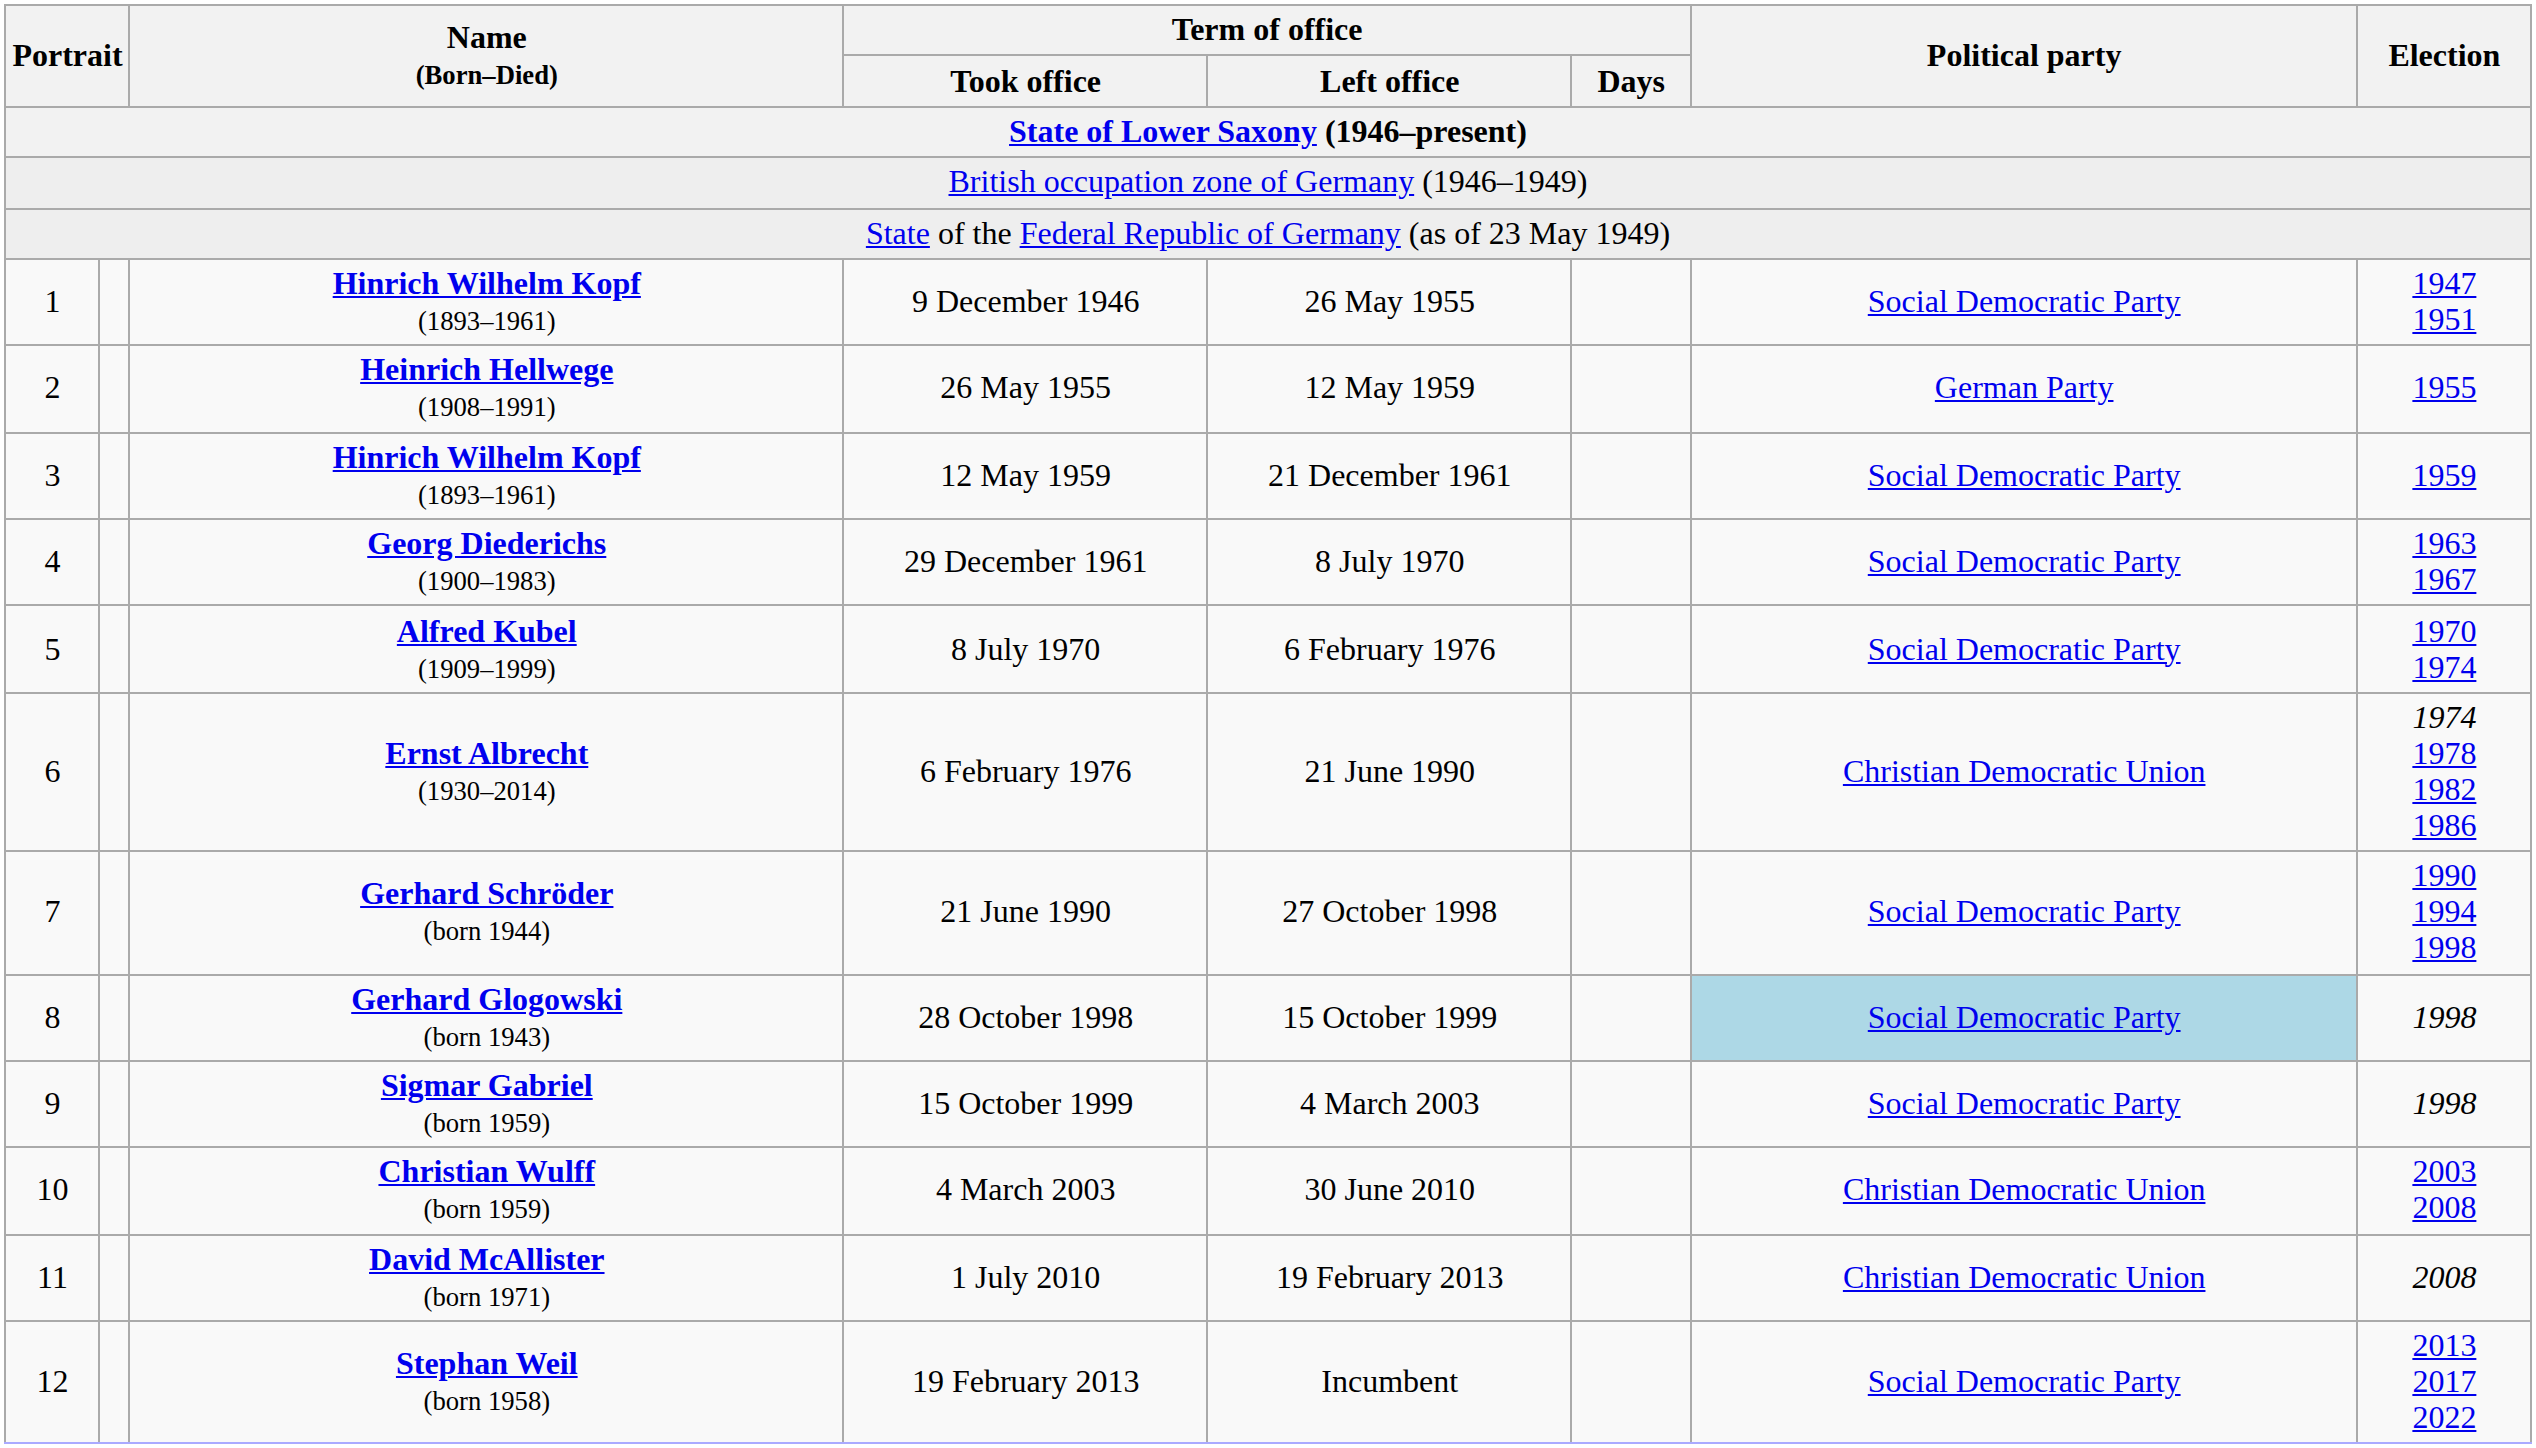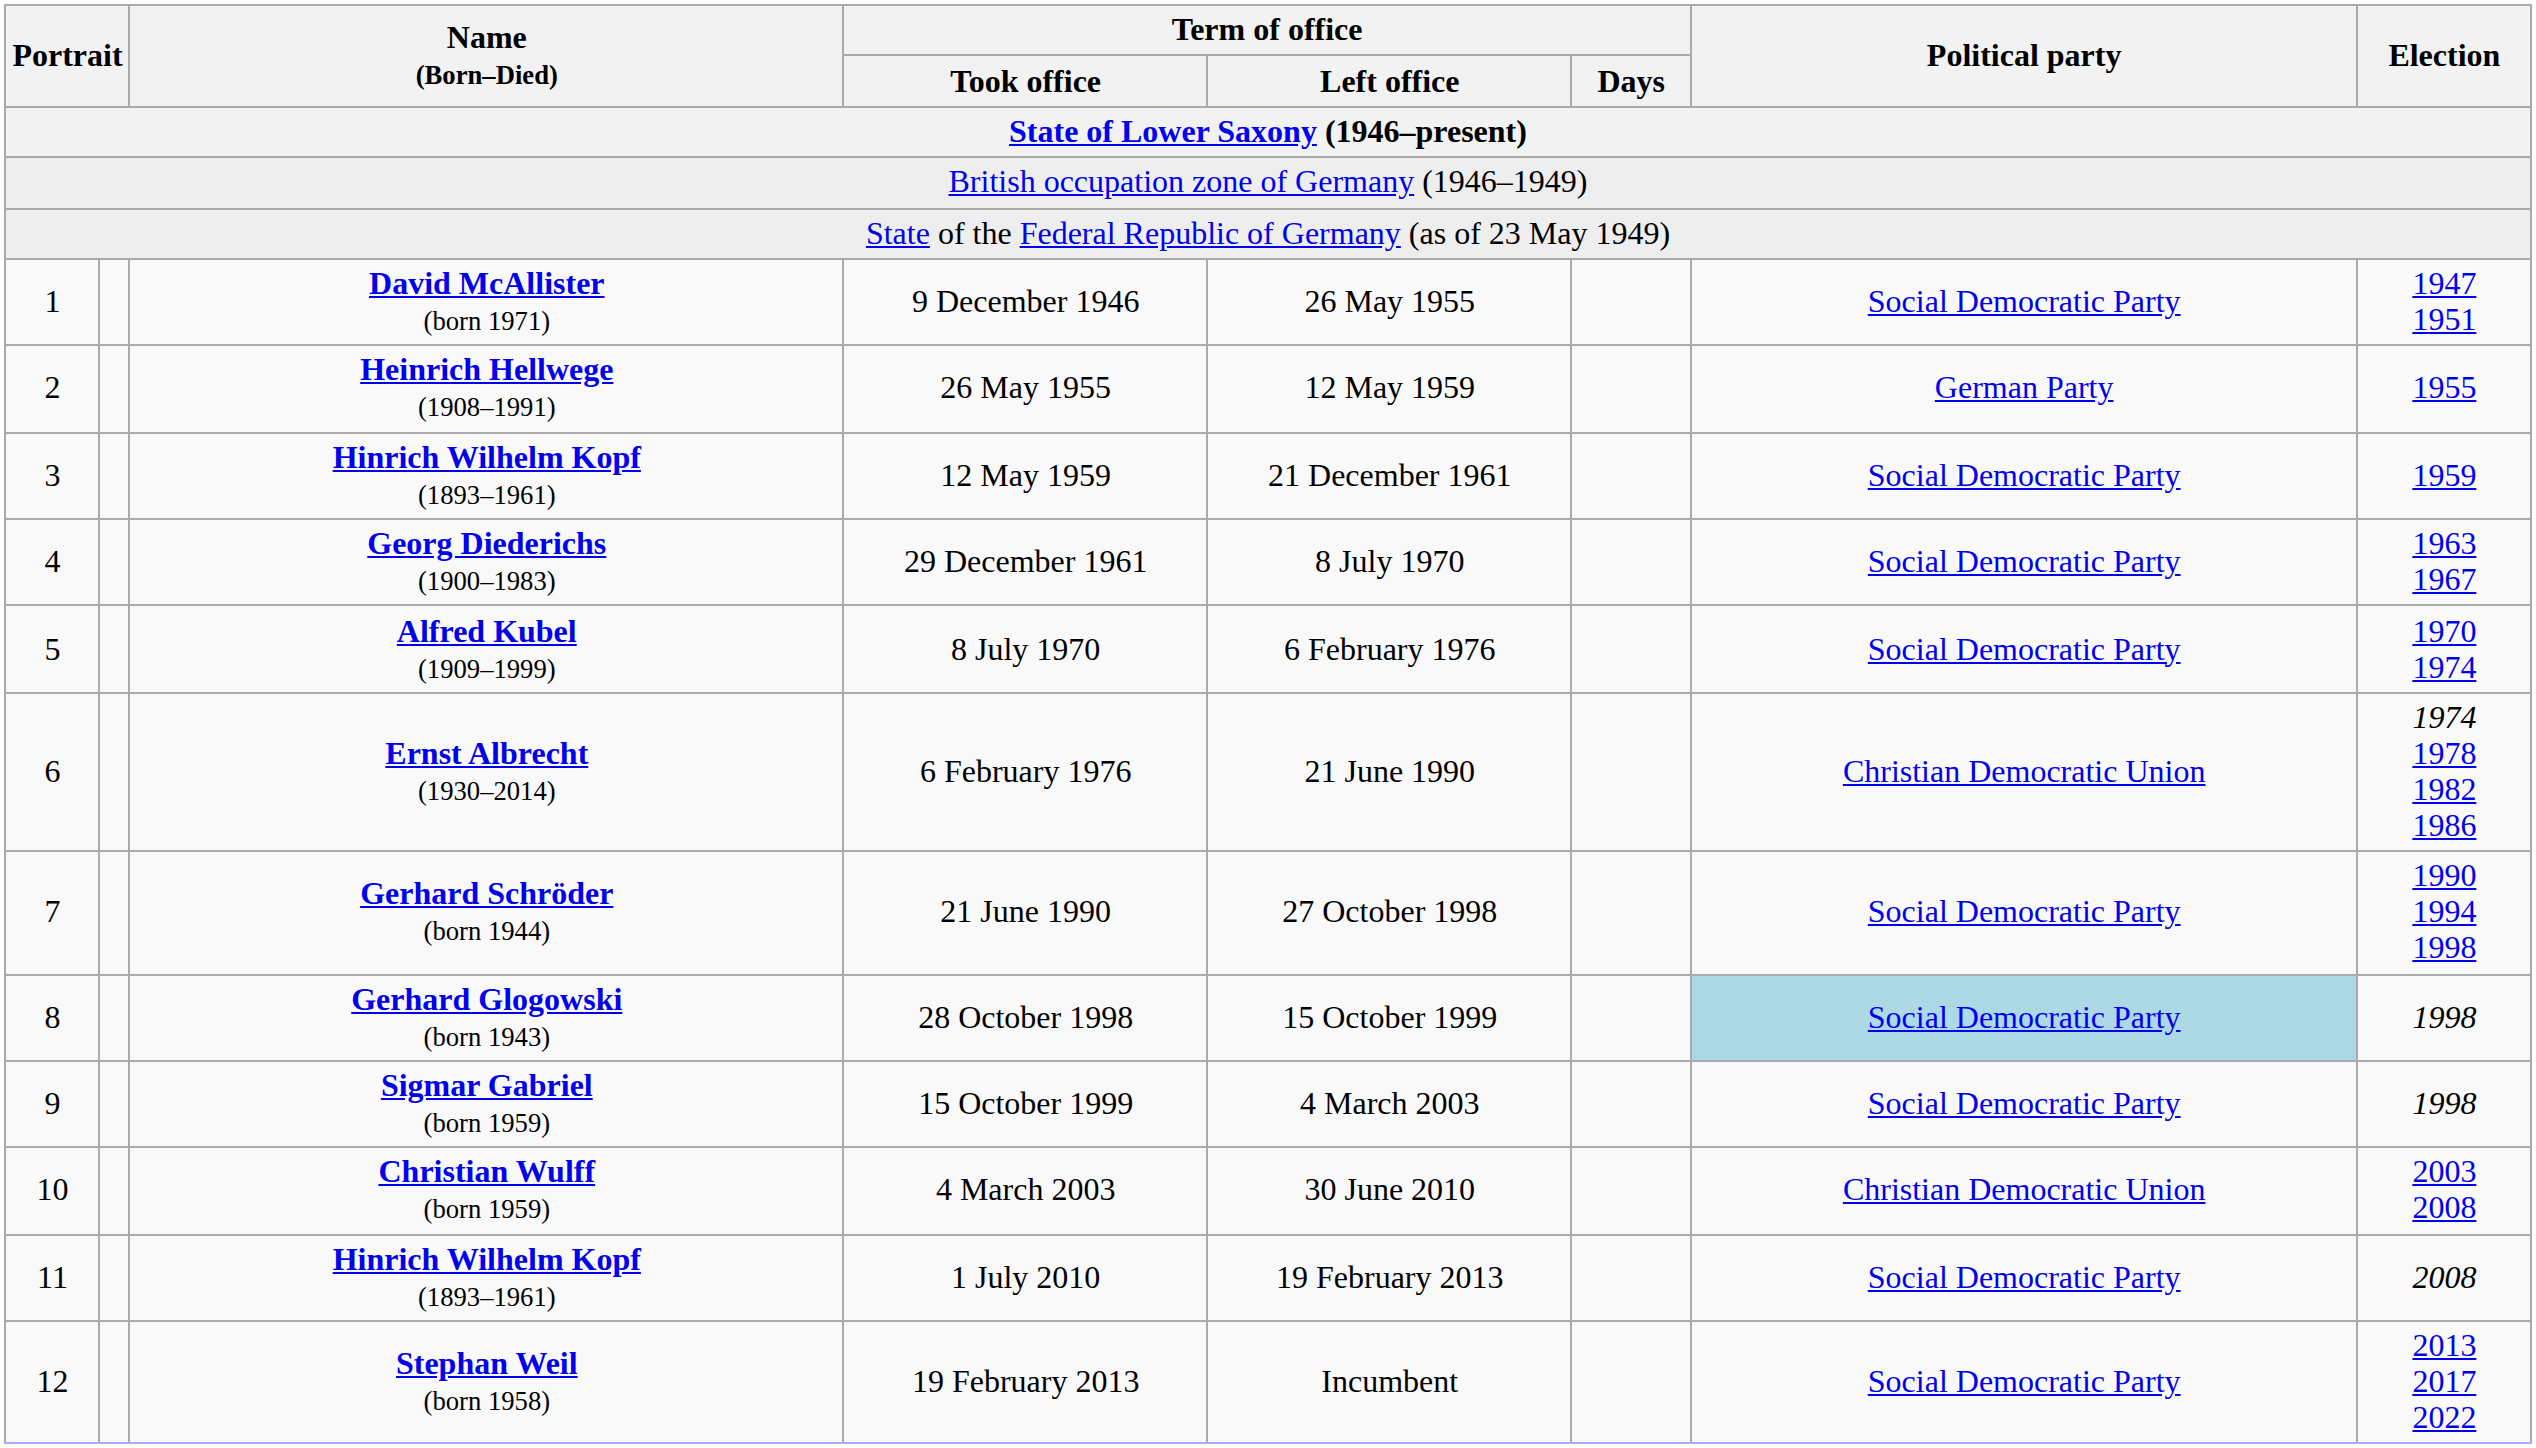 <table class="wikitable" style="text-align:center; width:100%; border:1px #AAAAFF solid">
 <tr>
 <th width=80px rowspan=2 colspan=2>Portrait</th>
 <th width=30% rowspan=2>Name<br><small>(Born–Died)</small></th>
 <th width=35% colspan=3>Term of office</th>
 <th width=28% rowspan=2>Political party</th>
 <th width=28% rowspan=2>Election</th>
 </tr>
 <tr>
 <th>Took office</th>
 <th>Left office</th>
 <th>Days</th>
 </tr>
 <tr>
 <th colspan="8"><a href='#'>State of Lower Saxony</a> (1946–present)</th>
 </tr>
 <tr>
 <td bgcolor=#EEEEEE colspan=8><a href='#'>British occupation zone of Germany</a> (1946–1949)</td>
 </tr>
 <tr>
 <td bgcolor=#EEEEEE colspan=8><a href='#'>State</a> of the <a href='#'>Federal Republic of Germany</a> (as of 23 May 1949)</td>
 </tr>
 <tr>
 <td style="background:">1</td>
 <td></td>
-<td><strong><a href='#'>Hinrich Wilhelm Kopf</a></strong><br><small>(1893–1961)</small></td>
+<td><strong><a href='#'>David McAllister</a></strong><br><small>(born 1971)</small></td>
 <td>9 December 1946</td>
 <td>26 May 1955</td>
 <td></td>
 <td><a href='#'>Social Democratic Party</a></td>
 <td><a href='#'>1947</a><br><a href='#'>1951</a></td>
 </tr>
 <tr>
 <td style="background:">2</td>
 <td></td>
 <td><strong><a href='#'>Heinrich Hellwege</a></strong><br><small>(1908–1991)</small></td>
 <td>26 May 1955</td>
 <td>12 May 1959</td>
 <td></td>
 <td><a href='#'>German Party</a></td>
 <td><a href='#'>1955</a></td>
 </tr>
 <tr>
 <td style="background:">3<br></td>
 <td></td>
 <td><strong><a href='#'>Hinrich Wilhelm Kopf</a></strong><br><small>(1893–1961)</small></td>
 <td>12 May 1959</td>
 <td>21 December 1961<br></td>
 <td></td>
 <td><a href='#'>Social Democratic Party</a></td>
 <td><a href='#'>1959</a></td>
 </tr>
 <tr>
 <td style="background:">4</td>
 <td></td>
 <td><strong><a href='#'>Georg Diederichs</a></strong><br><small>(1900–1983)</small></td>
 <td>29 December 1961</td>
 <td>8 July 1970</td>
 <td></td>
 <td><a href='#'>Social Democratic Party</a></td>
 <td><a href='#'>1963</a><br><a href='#'>1967</a></td>
 </tr>
 <tr>
 <td style="background:">5</td>
 <td></td>
 <td><strong><a href='#'>Alfred Kubel</a></strong><br><small>(1909–1999)</small></td>
 <td>8 July 1970</td>
 <td>6 February 1976<br></td>
 <td></td>
 <td><a href='#'>Social Democratic Party</a></td>
 <td><a href='#'>1970</a><br><a href='#'>1974</a></td>
 </tr>
 <tr>
 <td style="background:">6</td>
 <td></td>
 <td><strong><a href='#'>Ernst Albrecht</a></strong><br><small>(1930–2014)</small></td>
 <td>6 February 1976</td>
 <td>21 June 1990</td>
 <td></td>
 <td><a href='#'>Christian Democratic Union</a></td>
 <td><em>1974</em><br><a href='#'>1978</a><br><a href='#'>1982</a><br><a href='#'>1986</a></td>
 </tr>
 <tr>
 <td style="background:">7</td>
 <td></td>
 <td><strong><a href='#'>Gerhard Schröder</a></strong><br><small>(born 1944)</small></td>
 <td>21 June 1990</td>
 <td>27 October 1998<br></td>
 <td></td>
 <td><a href='#'>Social Democratic Party</a></td>
 <td><a href='#'>1990</a><br><a href='#'>1994</a><br><a href='#'>1998</a></td>
 </tr>
 <tr>
 <td style="background:">8</td>
 <td></td>
 <td><strong><a href='#'>Gerhard Glogowski</a></strong><br><small>(born 1943)</small></td>
 <td>28 October 1998</td>
 <td>15 October 1999<br></td>
 <td></td>
 <td style="background: lightblue;"><a href='#'>Social Democratic Party</a></td>
 <td><em>1998</em></td>
 </tr>
 <tr>
 <td style="background:">9</td>
 <td></td>
 <td><strong><a href='#'>Sigmar Gabriel</a></strong><br><small>(born 1959)</small></td>
 <td>15 October 1999</td>
 <td>4 March 2003</td>
 <td></td>
 <td><a href='#'>Social Democratic Party</a></td>
 <td><em>1998</em></td>
 </tr>
 <tr>
 <td style="background:">10</td>
 <td></td>
 <td><strong><a href='#'>Christian Wulff</a></strong><br><small>(born 1959)</small></td>
 <td>4 March 2003</td>
 <td>30 June 2010<br></td>
 <td></td>
 <td><a href='#'>Christian Democratic Union</a></td>
 <td><a href='#'>2003</a><br><a href='#'>2008</a></td>
 </tr>
 <tr>
 <td style="background:">11</td>
 <td></td>
-<td><strong><a href='#'>David McAllister</a></strong><br><small>(born 1971)</small></td>
+<td><strong><a href='#'>Hinrich Wilhelm Kopf</a></strong><br><small>(1893–1961)</small></td>
 <td>1 July 2010</td>
 <td>19 February 2013</td>
 <td></td>
-<td><a href='#'>Christian Democratic Union</a></td>
+<td><a href='#'>Social Democratic Party</a></td>
 <td><em>2008</em></td>
 </tr>
 <tr>
 <td style="background:">12</td>
 <td></td>
 <td><strong><a href='#'>Stephan Weil</a></strong><br><small>(born 1958)</small></td>
 <td>19 February 2013</td>
 <td>Incumbent</td>
 <td></td>
 <td><a href='#'>Social Democratic Party</a></td>
 <td><a href='#'>2013</a><br><a href='#'>2017</a><br><a href='#'>2022</a></td>
 </tr>
 <tr>
 </tr>
 </table>
